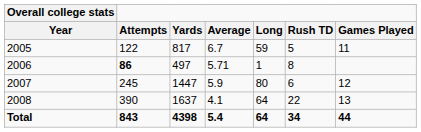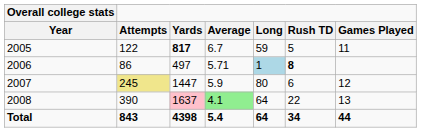 <table class="wikitable collapsible collapsed">
 <tr>
 <th>Overall college stats</th>
 </tr>
 <tr>
 <th>Year</th>
 <th>Attempts</th>
 <th>Yards</th>
 <th>Average</th>
 <th>Long</th>
 <th>Rush TD</th>
 <th>Games Played</th>
 </tr>
 <tr>
 <td>2005</td>
 <td>122</td>
-<td>817</td>
+<td><strong>817</strong></td>
 <td>6.7</td>
 <td>59</td>
 <td>5</td>
 <td>11</td>
 </tr>
 <tr>
 <td>2006</td>
-<td><strong>86</strong></td>
+<td>86</td>
 <td>497</td>
 <td>5.71</td>
-<td>1</td>
-<td>8</td>
+<td style="background: lightblue;">1</td>
+<td><strong>8</strong></td>
 </tr>
 <tr>
 <td>2007</td>
-<td>245</td>
+<td style="background: khaki;">245</td>
 <td>1447</td>
 <td>5.9</td>
 <td>80</td>
 <td>6</td>
 <td>12</td>
 </tr>
 <tr>
 <td>2008</td>
 <td>390</td>
-<td>1637</td>
-<td>4.1</td>
+<td style="background: pink;">1637</td>
+<td style="background: lightgreen;">4.1</td>
 <td>64</td>
 <td>22</td>
 <td>13</td>
 </tr>
 <tr>
 <td><strong>Total</strong></td>
 <td><strong>843</strong></td>
 <td><strong>4398</strong></td>
 <td><strong>5.4</strong></td>
 <td><strong>64</strong></td>
 <td><strong>34</strong></td>
 <td><strong>44</strong></td>
 </tr>
 </table>
